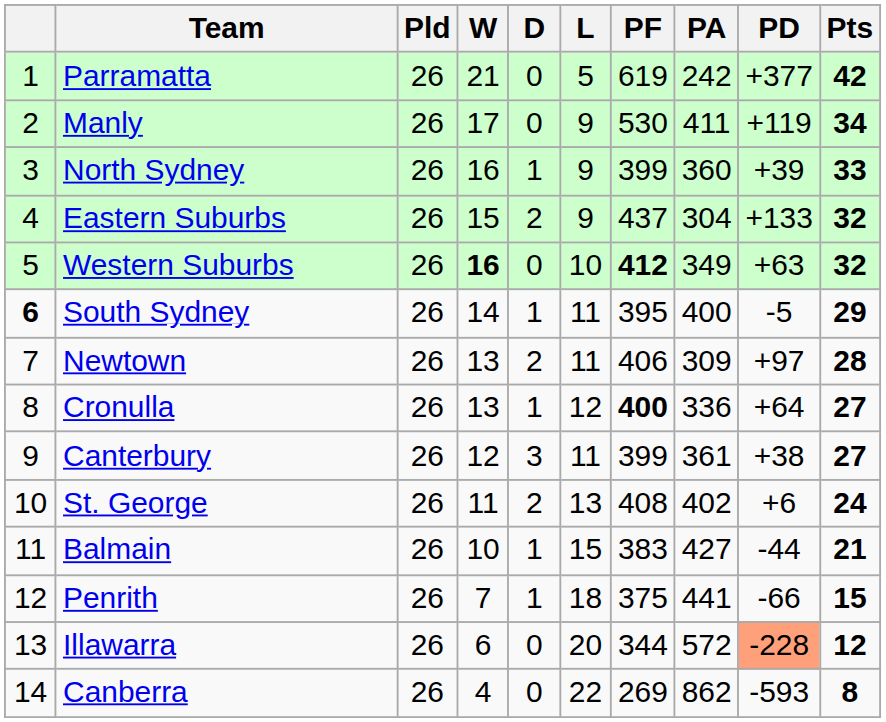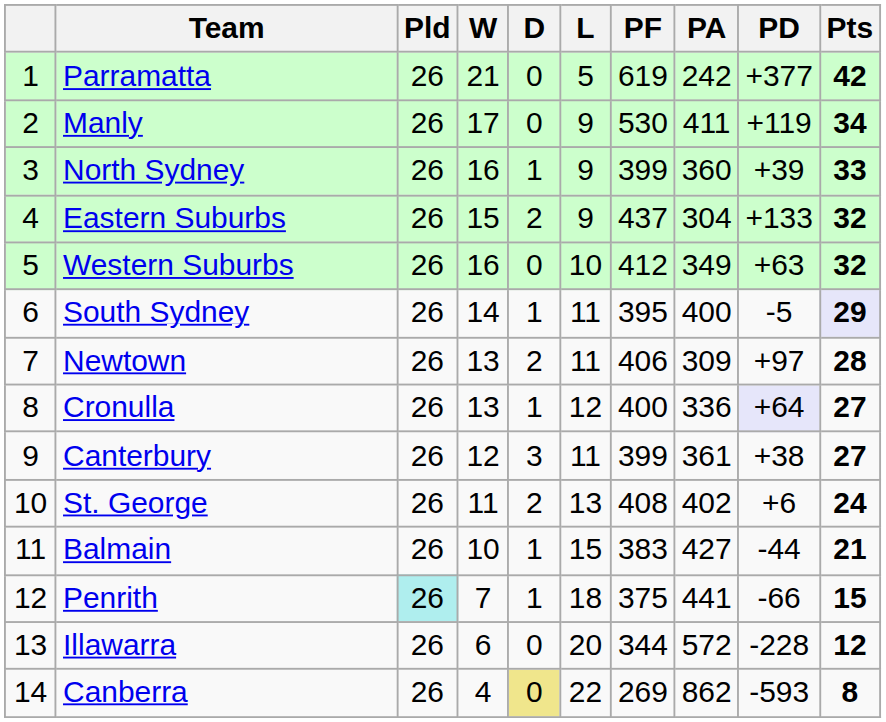 <table class="wikitable" style="text-align:center;">
 <tr>
 <th width=20 abbr="Position×"></th>
 <th width=175>Team</th>
 <th width=20 abbr="Played">Pld</th>
 <th width=20 abbr="Won">W</th>
 <th width=20 abbr="Drawn">D</th>
 <th width=20 abbr="Lost">L</th>
 <th width=20 abbr="Points for">PF</th>
 <th width=20 abbr="Points against">PA</th>
 <th width=20 abbr="Points difference">PD</th>
 <th width=20 abbr="Points">Pts</th>
 </tr>
 <tr style="background: #ccffcc;">
 <td>1</td>
 <td style="text-align:left;"> <a href='#'>Parramatta</a></td>
 <td>26</td>
 <td>21</td>
 <td>0</td>
 <td>5</td>
 <td>619</td>
 <td>242</td>
 <td>+377</td>
 <td><strong>42</strong></td>
 </tr>
 <tr style="background: #ccffcc;">
 <td>2</td>
 <td style="text-align:left;"> <a href='#'>Manly</a></td>
 <td>26</td>
 <td>17</td>
 <td>0</td>
 <td>9</td>
 <td>530</td>
 <td>411</td>
 <td>+119</td>
 <td><strong>34</strong></td>
 </tr>
 <tr style="background: #ccffcc;">
 <td>3</td>
 <td style="text-align:left;"> <a href='#'>North Sydney</a></td>
 <td>26</td>
 <td>16</td>
 <td>1</td>
 <td>9</td>
 <td>399</td>
 <td>360</td>
 <td>+39</td>
 <td><strong>33</strong></td>
 </tr>
 <tr style="background: #ccffcc;">
 <td>4</td>
 <td style="text-align:left;"> <a href='#'>Eastern Suburbs</a></td>
 <td>26</td>
 <td>15</td>
 <td>2</td>
 <td>9</td>
 <td>437</td>
 <td>304</td>
 <td>+133</td>
 <td><strong>32</strong></td>
 </tr>
 <tr style="background: #ccffcc;">
 <td>5</td>
 <td style="text-align:left;"> <a href='#'>Western Suburbs</a></td>
 <td>26</td>
-<td><strong>16</strong></td>
+<td>16</td>
 <td>0</td>
 <td>10</td>
-<td><strong>412</strong></td>
+<td>412</td>
 <td>349</td>
 <td>+63</td>
 <td><strong>32</strong></td>
 </tr>
 <tr>
-<td><strong>6</strong></td>
+<td>6</td>
 <td style="text-align:left;"> <a href='#'>South Sydney</a></td>
 <td>26</td>
 <td>14</td>
 <td>1</td>
 <td>11</td>
 <td>395</td>
 <td>400</td>
 <td>-5</td>
-<td><strong>29</strong></td>
+<td style="background: lavender;"><strong>29</strong></td>
 </tr>
 <tr>
 <td>7</td>
 <td style="text-align:left;"> <a href='#'>Newtown</a></td>
 <td>26</td>
 <td>13</td>
 <td>2</td>
 <td>11</td>
 <td>406</td>
 <td>309</td>
 <td>+97</td>
 <td><strong>28</strong></td>
 </tr>
 <tr>
 <td>8</td>
 <td style="text-align:left;"> <a href='#'>Cronulla</a></td>
 <td>26</td>
 <td>13</td>
 <td>1</td>
 <td>12</td>
-<td><strong>400</strong></td>
+<td>400</td>
 <td>336</td>
-<td>+64</td>
+<td style="background: lavender;">+64</td>
 <td><strong>27</strong></td>
 </tr>
 <tr>
 <td>9</td>
 <td style="text-align:left;"> <a href='#'>Canterbury</a></td>
 <td>26</td>
 <td>12</td>
 <td>3</td>
 <td>11</td>
 <td>399</td>
 <td>361</td>
 <td>+38</td>
 <td><strong>27</strong></td>
 </tr>
 <tr>
 <td>10</td>
 <td style="text-align:left;"> <a href='#'>St. George</a></td>
 <td>26</td>
 <td>11</td>
 <td>2</td>
 <td>13</td>
 <td>408</td>
 <td>402</td>
 <td>+6</td>
 <td><strong>24</strong></td>
 </tr>
 <tr>
 <td>11</td>
 <td style="text-align:left;"> <a href='#'>Balmain</a></td>
 <td>26</td>
 <td>10</td>
 <td>1</td>
 <td>15</td>
 <td>383</td>
 <td>427</td>
 <td>-44</td>
 <td><strong>21</strong></td>
 </tr>
 <tr>
 <td>12</td>
 <td style="text-align:left;"> <a href='#'>Penrith</a></td>
-<td>26</td>
+<td style="background: paleturquoise;">26</td>
 <td>7</td>
 <td>1</td>
 <td>18</td>
 <td>375</td>
 <td>441</td>
 <td>-66</td>
 <td><strong>15</strong></td>
 </tr>
 <tr>
 <td>13</td>
 <td style="text-align:left;"> <a href='#'>Illawarra</a></td>
 <td>26</td>
 <td>6</td>
 <td>0</td>
 <td>20</td>
 <td>344</td>
 <td>572</td>
-<td style="background: lightsalmon;">-228</td>
+<td>-228</td>
 <td><strong>12</strong></td>
 </tr>
 <tr>
 <td>14</td>
 <td style="text-align:left;"> <a href='#'>Canberra</a></td>
 <td>26</td>
 <td>4</td>
-<td>0</td>
+<td style="background: khaki;">0</td>
 <td>22</td>
 <td>269</td>
 <td>862</td>
 <td>-593</td>
 <td><strong>8</strong></td>
 </tr>
 <tr>
 </tr>
 </table>
